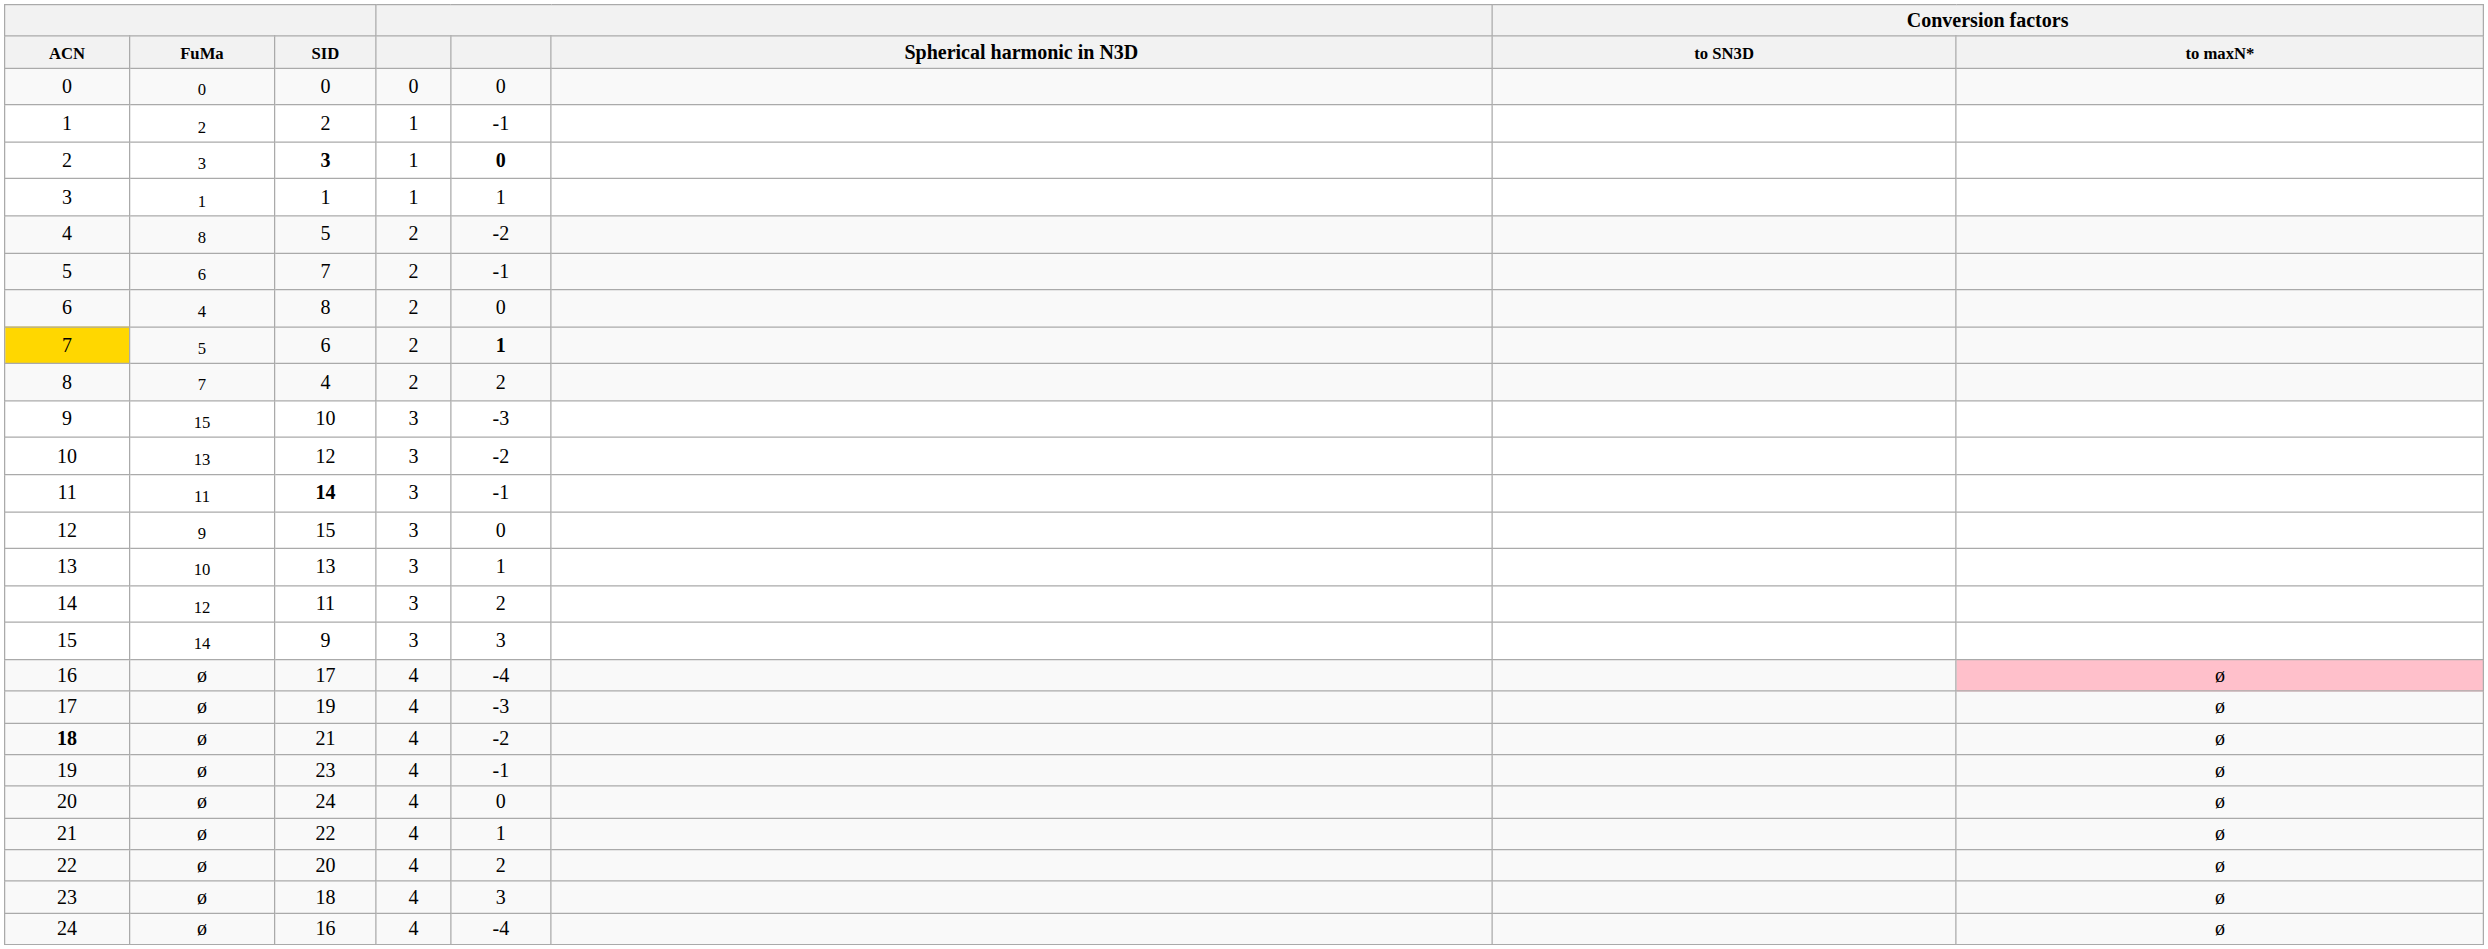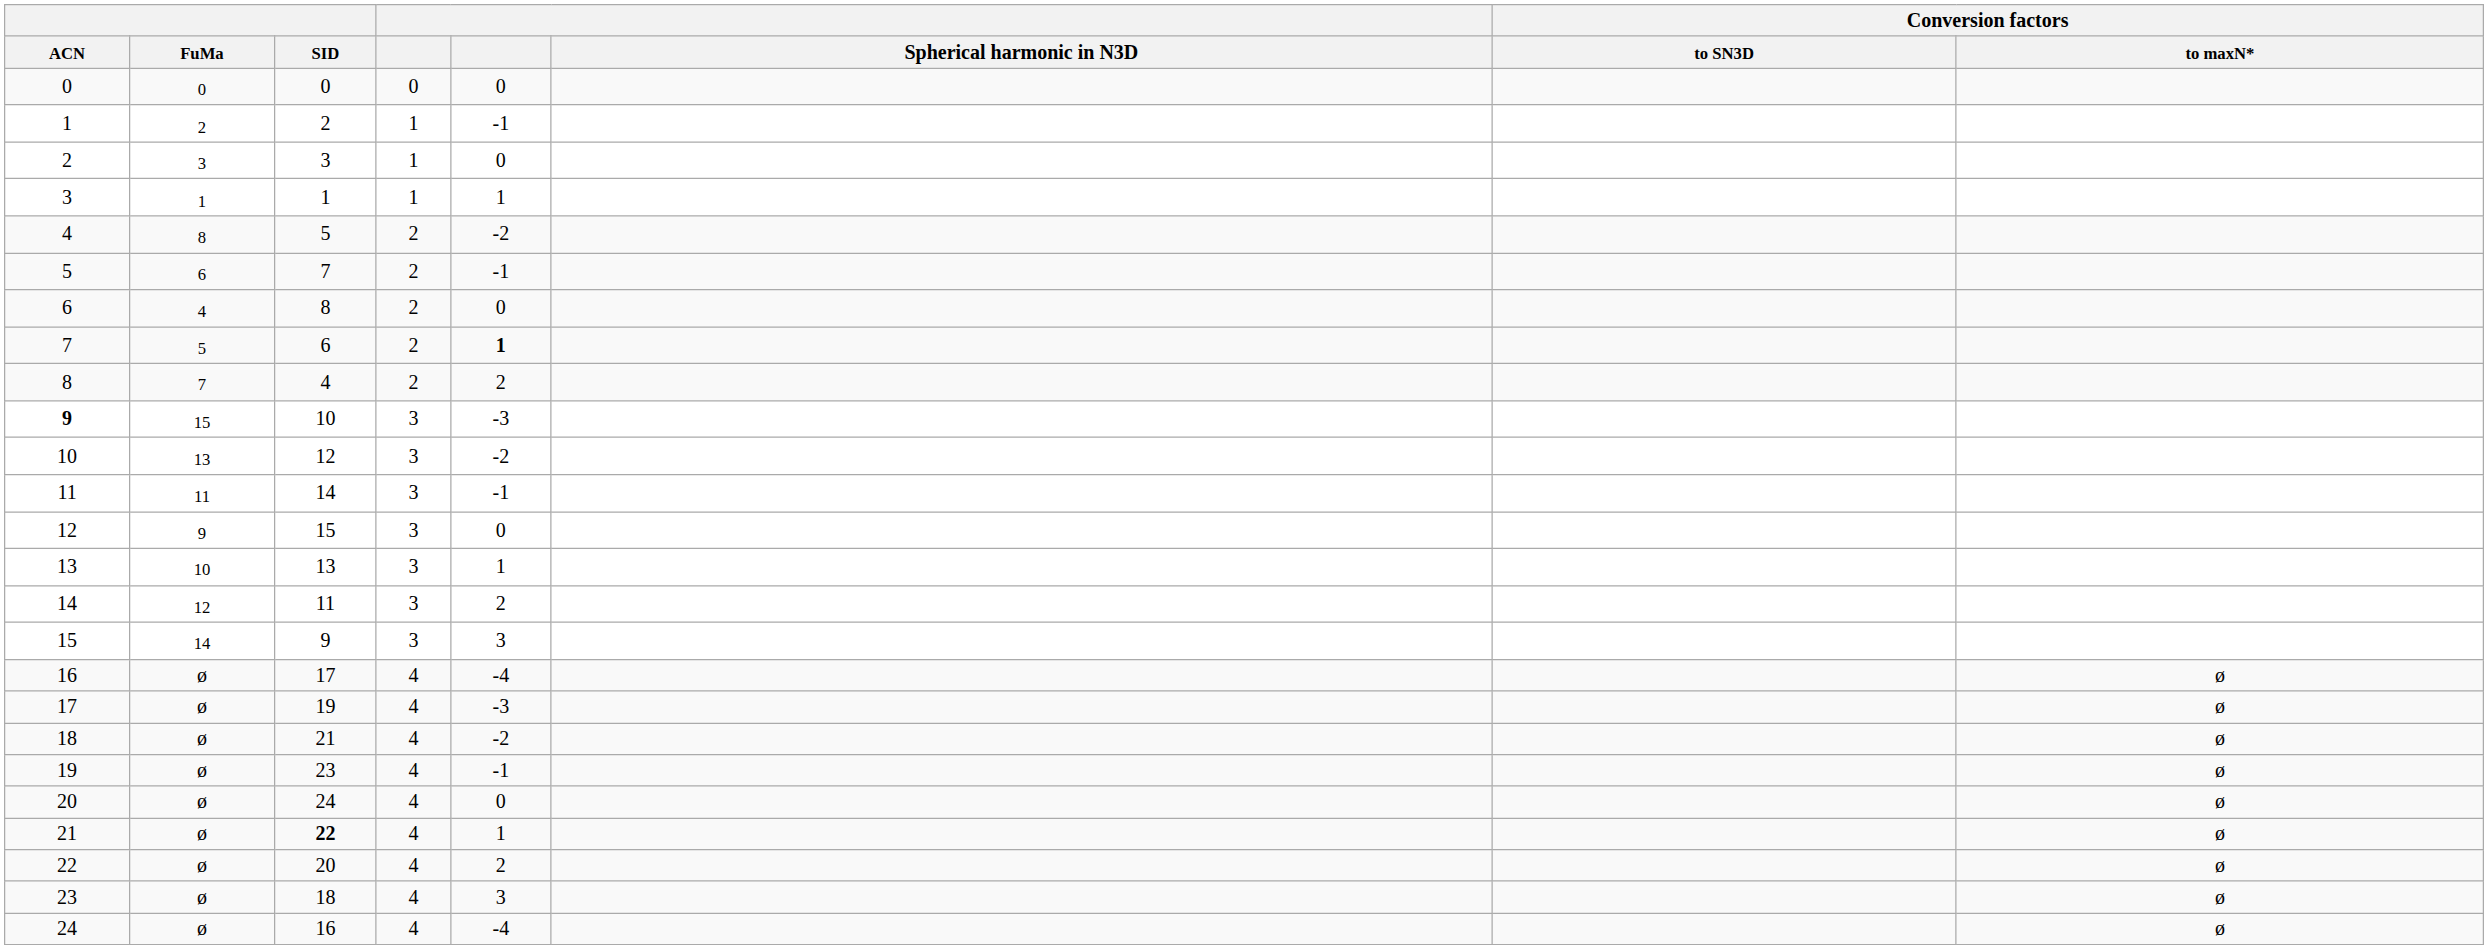 <table class="wikitable sortable collapsible" style="width:100%;text-align:center">
 <tr>
 <th width="15%" colspan="3"></th>
 <th width="45%" colspan="3"></th>
 <th colspan="2" width="40%">Conversion factors</th>
 </tr>
 <tr>
 <th><small>ACN</small></th>
 <th><small>FuMa</small></th>
 <th><small>SID</small></th>
 <th></th>
 <th></th>
 <th>Spherical harmonic in N3D</th>
 <th><small>to SN3D</small></th>
 <th><small>to maxN*</small></th>
 </tr>
 <tr>
 <td>0</td>
 <td data-sort-value=1><sub>0</sub></td>
 <td>0</td>
 <td>0</td>
 <td>0</td>
 <td></td>
 <td></td>
 <td></td>
 </tr>
 <tr style="background-color:white">
 <td>1</td>
 <td data-sort-value=3><sub>2</sub></td>
 <td>2</td>
 <td>1</td>
 <td>-1</td>
 <td></td>
 <td></td>
 <td></td>
 </tr>
 <tr style="background-color:white">
 <td>2</td>
 <td data-sort-value=4><sub>3</sub></td>
-<td><strong>3</strong></td>
+<td>3</td>
 <td>1</td>
-<td><strong>0</strong></td>
+<td>0</td>
 <td></td>
 <td></td>
 <td></td>
 </tr>
 <tr style="background-color:white">
 <td>3</td>
 <td data-sort-value=2><sub>1</sub></td>
 <td>1</td>
 <td>1</td>
 <td>1</td>
 <td></td>
 <td></td>
 <td></td>
 </tr>
 <tr>
 <td>4</td>
 <td data-sort-value=9><sub>8</sub></td>
 <td>5</td>
 <td>2</td>
 <td>-2</td>
 <td></td>
 <td></td>
 <td></td>
 </tr>
 <tr>
 <td>5</td>
 <td data-sort-value=7> <sub>6</sub></td>
 <td>7</td>
 <td>2</td>
 <td>-1</td>
 <td></td>
 <td></td>
 <td></td>
 </tr>
 <tr>
 <td>6</td>
 <td data-sort-value=5><sub>4</sub></td>
 <td>8</td>
 <td>2</td>
 <td>0</td>
 <td></td>
 <td></td>
 <td></td>
 </tr>
 <tr>
-<td style="background: gold;">7</td>
+<td>7</td>
 <td data-sort-value=6><sub>5</sub></td>
 <td>6</td>
 <td>2</td>
 <td><strong>1</strong></td>
 <td></td>
 <td></td>
 <td></td>
 </tr>
 <tr>
 <td>8</td>
 <td data-sort-value=8><sub>7</sub></td>
 <td>4</td>
 <td>2</td>
 <td>2</td>
 <td></td>
 <td></td>
 <td></td>
 </tr>
 <tr style="background-color:white">
-<td>9</td>
+<td><strong>9</strong></td>
 <td data-sort-value=16><sub>15</sub></td>
 <td>10</td>
 <td>3</td>
 <td>-3</td>
 <td></td>
 <td></td>
 <td></td>
 </tr>
 <tr style="background-color:white">
 <td>10</td>
 <td data-sort-value=14><sub>13</sub></td>
 <td>12</td>
 <td>3</td>
 <td>-2</td>
 <td></td>
 <td></td>
 <td></td>
 </tr>
 <tr style="background-color:white">
 <td>11</td>
 <td data-sort-value=12><sub>11</sub></td>
-<td><strong>14</strong></td>
+<td>14</td>
 <td>3</td>
 <td>-1</td>
 <td></td>
 <td></td>
 <td></td>
 </tr>
 <tr style="background-color:white">
 <td>12</td>
 <td data-sort-value=10><sub>9</sub></td>
 <td>15</td>
 <td>3</td>
 <td>0</td>
 <td></td>
 <td></td>
 <td></td>
 </tr>
 <tr style="background-color:white">
 <td>13</td>
 <td data-sort-value=11><sub>10</sub></td>
 <td>13</td>
 <td>3</td>
 <td>1</td>
 <td></td>
 <td></td>
 <td></td>
 </tr>
 <tr style="background-color:white">
 <td>14</td>
 <td data-sort-value=13><sub>12</sub></td>
 <td>11</td>
 <td>3</td>
 <td>2</td>
 <td></td>
 <td></td>
 <td></td>
 </tr>
 <tr style="background-color:white">
 <td>15</td>
 <td data-sort-value=15><sub>14</sub></td>
 <td>9</td>
 <td>3</td>
 <td>3</td>
 <td></td>
 <td></td>
 <td></td>
 </tr>
 <tr>
 <td>16</td>
 <td data-sort-value=99>ø</td>
 <td>17</td>
 <td>4</td>
 <td>-4</td>
 <td></td>
 <td></td>
-<td style="background: pink;">ø</td>
+<td>ø</td>
 </tr>
 <tr>
 <td>17</td>
 <td data-sort-value=99>ø</td>
 <td>19</td>
 <td>4</td>
 <td>-3</td>
 <td></td>
 <td></td>
 <td>ø</td>
 </tr>
 <tr>
-<td><strong>18</strong></td>
+<td>18</td>
 <td data-sort-value=99>ø</td>
 <td>21</td>
 <td>4</td>
 <td>-2</td>
 <td></td>
 <td></td>
 <td>ø</td>
 </tr>
 <tr>
 <td>19</td>
 <td data-sort-value=99>ø</td>
 <td>23</td>
 <td>4</td>
 <td>-1</td>
 <td></td>
 <td></td>
 <td>ø</td>
 </tr>
 <tr>
 <td>20</td>
 <td data-sort-value=99>ø</td>
 <td>24</td>
 <td>4</td>
 <td>0</td>
 <td></td>
 <td></td>
 <td>ø</td>
 </tr>
 <tr>
 <td>21</td>
 <td data-sort-value=99>ø</td>
-<td>22</td>
+<td><strong>22</strong></td>
 <td>4</td>
 <td>1</td>
 <td></td>
 <td></td>
 <td>ø</td>
 </tr>
 <tr>
 <td>22</td>
 <td data-sort-value=99>ø</td>
 <td>20</td>
 <td>4</td>
 <td>2</td>
 <td></td>
 <td></td>
 <td>ø</td>
 </tr>
 <tr>
 <td>23</td>
 <td data-sort-value=99>ø</td>
 <td>18</td>
 <td>4</td>
 <td>3</td>
 <td></td>
 <td></td>
 <td>ø</td>
 </tr>
 <tr>
 <td>24</td>
 <td data-sort-value=99>ø</td>
 <td>16</td>
 <td>4</td>
 <td>-4</td>
 <td></td>
 <td></td>
 <td>ø</td>
 </tr>
 <tr>
 </tr>
 </table>
